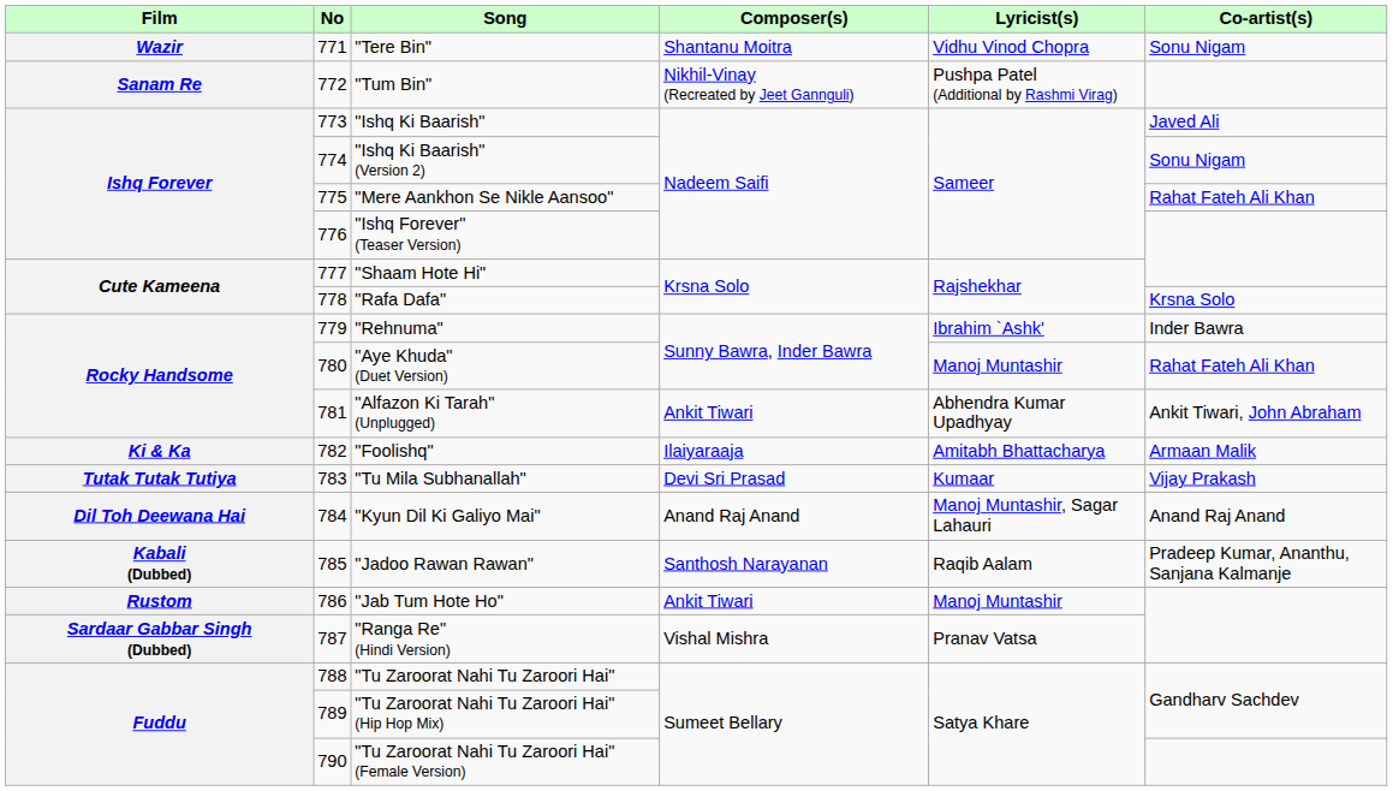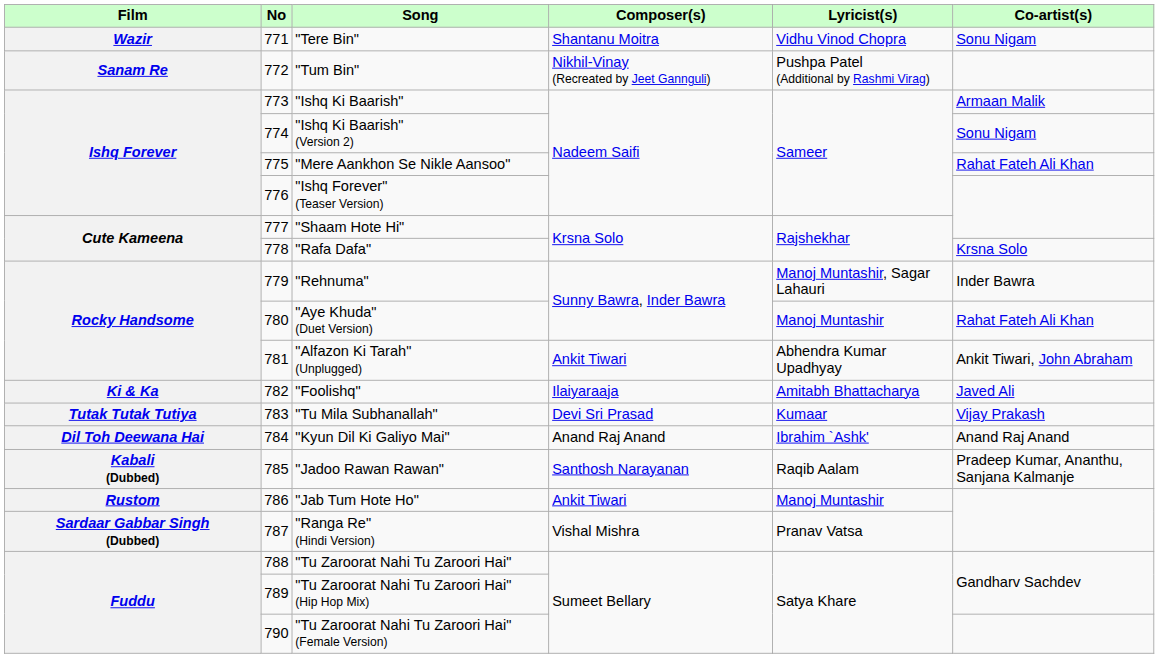 <table class="wikitable plainrowheaders" style="width:100%; textcolor:#000">
 <tr style="background:#cfc; text-align:center;">
 <td scope="col" style="width:23%;"><strong>Film</strong></td>
 <td><strong>No</strong></td>
 <td scope="col" style="width:23%;"><strong>Song</strong></td>
 <td scope="col" style="width:20%;"><strong>Composer(s)</strong></td>
 <td scope="col" style="width:16%;"><strong>Lyricist(s)</strong></td>
 <td scope="col" style="width:18%;"><strong>Co-artist(s)</strong></td>
 </tr>
 <tr>
 <th scope="row"><em><a href='#'>Wazir</a></em></th>
 <td>771</td>
 <td>"Tere Bin"</td>
 <td><a href='#'>Shantanu Moitra</a></td>
 <td><a href='#'>Vidhu Vinod Chopra</a></td>
 <td><a href='#'>Sonu Nigam</a></td>
 </tr>
 <tr>
 <th scope="row"><em><a href='#'>Sanam Re</a></em></th>
 <td>772</td>
 <td>"Tum Bin"</td>
 <td><a href='#'>Nikhil-Vinay</a><br><small>(Recreated by <a href='#'>Jeet Gannguli</a>)</small></td>
 <td>Pushpa Patel<br><small>(Additional by <a href='#'>Rashmi Virag</a>)</small></td>
 <td></td>
 </tr>
 <tr>
 <th scope="row" rowspan="4"><em><a href='#'>Ishq Forever</a></em></th>
 <td>773</td>
 <td>"Ishq Ki Baarish"</td>
 <td rowspan="4"><a href='#'>Nadeem Saifi</a></td>
 <td rowspan="4"><a href='#'>Sameer</a></td>
-<td><a href='#'>Javed Ali</a></td>
+<td><a href='#'>Armaan Malik</a></td>
 </tr>
 <tr>
 <td>774</td>
 <td>"Ishq Ki Baarish"<br><small>(Version 2)</small></td>
 <td><a href='#'>Sonu Nigam</a></td>
 </tr>
 <tr>
 <td>775</td>
 <td>"Mere Aankhon Se Nikle Aansoo"</td>
 <td><a href='#'>Rahat Fateh Ali Khan</a></td>
 </tr>
 <tr>
 <td>776</td>
 <td>"Ishq Forever"<br><small>(Teaser Version)</small></td>
 <td rowspan="2"></td>
 </tr>
 <tr>
 <th scope="row" rowspan="2"><em>Cute Kameena</em></th>
 <td>777</td>
 <td>"Shaam Hote Hi"</td>
 <td rowspan="2"><a href='#'>Krsna Solo</a></td>
 <td rowspan="2"><a href='#'>Rajshekhar</a></td>
 </tr>
 <tr>
 <td>778</td>
 <td>"Rafa Dafa"</td>
 <td><a href='#'>Krsna Solo</a></td>
 </tr>
 <tr>
 <th scope="row" rowspan="3"><em><a href='#'>Rocky Handsome</a></em></th>
 <td>779</td>
 <td>"Rehnuma"</td>
 <td rowspan="2"><a href='#'>Sunny Bawra</a>, <a href='#'>Inder Bawra</a></td>
-<td><a href='#'>Ibrahim `Ashk'</a></td>
+<td><a href='#'>Manoj Muntashir</a>, Sagar Lahauri</td>
 <td>Inder Bawra</td>
 </tr>
 <tr>
 <td>780</td>
 <td>"Aye Khuda"<br><small>(Duet Version)</small></td>
 <td><a href='#'>Manoj Muntashir</a></td>
 <td><a href='#'>Rahat Fateh Ali Khan</a></td>
 </tr>
 <tr>
 <td>781</td>
 <td>"Alfazon Ki Tarah"<br><small>(Unplugged)</small></td>
 <td><a href='#'>Ankit Tiwari</a></td>
 <td>Abhendra Kumar Upadhyay</td>
 <td>Ankit Tiwari, <a href='#'>John Abraham</a></td>
 </tr>
 <tr>
 <th scope="row"><em><a href='#'>Ki & Ka</a></em></th>
 <td>782</td>
 <td>"Foolishq"</td>
 <td><a href='#'>Ilaiyaraaja</a></td>
 <td><a href='#'>Amitabh Bhattacharya</a></td>
-<td><a href='#'>Armaan Malik</a></td>
+<td><a href='#'>Javed Ali</a></td>
 </tr>
 <tr>
 <th scope="row"><em><a href='#'>Tutak Tutak Tutiya</a></em></th>
 <td>783</td>
 <td>"Tu Mila Subhanallah"</td>
 <td><a href='#'>Devi Sri Prasad</a></td>
 <td><a href='#'>Kumaar</a></td>
 <td><a href='#'>Vijay Prakash</a></td>
 </tr>
 <tr>
 <th scope="row"><em><a href='#'>Dil Toh Deewana Hai</a></em></th>
 <td>784</td>
 <td>"Kyun Dil Ki Galiyo Mai"</td>
 <td>Anand Raj Anand</td>
-<td><a href='#'>Manoj Muntashir</a>, Sagar Lahauri</td>
+<td><a href='#'>Ibrahim `Ashk'</a></td>
 <td>Anand Raj Anand</td>
 </tr>
 <tr>
 <th scope="row"><em><a href='#'>Kabali</a></em><br><small>(Dubbed)</small></th>
 <td>785</td>
 <td>"Jadoo Rawan Rawan"</td>
 <td><a href='#'>Santhosh Narayanan</a></td>
 <td>Raqib Aalam</td>
 <td>Pradeep Kumar, Ananthu, Sanjana Kalmanje</td>
 </tr>
 <tr>
 <th scope="row"><em><a href='#'>Rustom</a></em></th>
 <td>786</td>
 <td>"Jab Tum Hote Ho"</td>
 <td><a href='#'>Ankit Tiwari</a></td>
 <td><a href='#'>Manoj Muntashir</a></td>
 <td rowspan="2"></td>
 </tr>
 <tr>
 <th scope="row"><em><a href='#'>Sardaar Gabbar Singh</a></em><br><small>(Dubbed)</small></th>
 <td>787</td>
 <td>"Ranga Re"<br><small>(Hindi Version)</small></td>
 <td>Vishal Mishra</td>
 <td>Pranav Vatsa</td>
 </tr>
 <tr>
 <th scope="row" rowspan="3"><em><a href='#'>Fuddu</a></em></th>
 <td>788</td>
 <td>"Tu Zaroorat Nahi Tu Zaroori Hai"</td>
 <td rowspan="3">Sumeet Bellary</td>
 <td rowspan="3">Satya Khare</td>
 <td rowspan="2">Gandharv Sachdev</td>
 </tr>
 <tr>
 <td>789</td>
 <td>"Tu Zaroorat Nahi Tu Zaroori Hai"<br><small>(Hip Hop Mix)</small></td>
 </tr>
 <tr>
 <td>790</td>
 <td>"Tu Zaroorat Nahi Tu Zaroori Hai"<br><small>(Female Version)</small></td>
 <td></td>
 </tr>
 </table>
